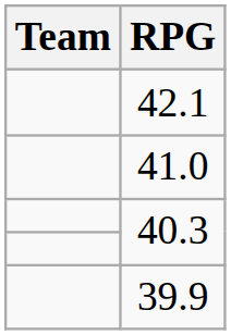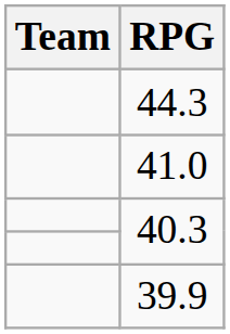 <table class=wikitable>
 <tr>
 <th>Team</th>
 <th>RPG</th>
 </tr>
 <tr>
 <td></td>
-<td align=center>42.1</td>
+<td align=center>44.3</td>
 </tr>
 <tr>
 <td></td>
 <td align=center>41.0</td>
 </tr>
 <tr>
 <td></td>
 <td align=center rowspan=2>40.3</td>
 </tr>
 <tr>
 <td></td>
 </tr>
 <tr>
 <td></td>
 <td align=center>39.9</td>
 </tr>
 </table>
